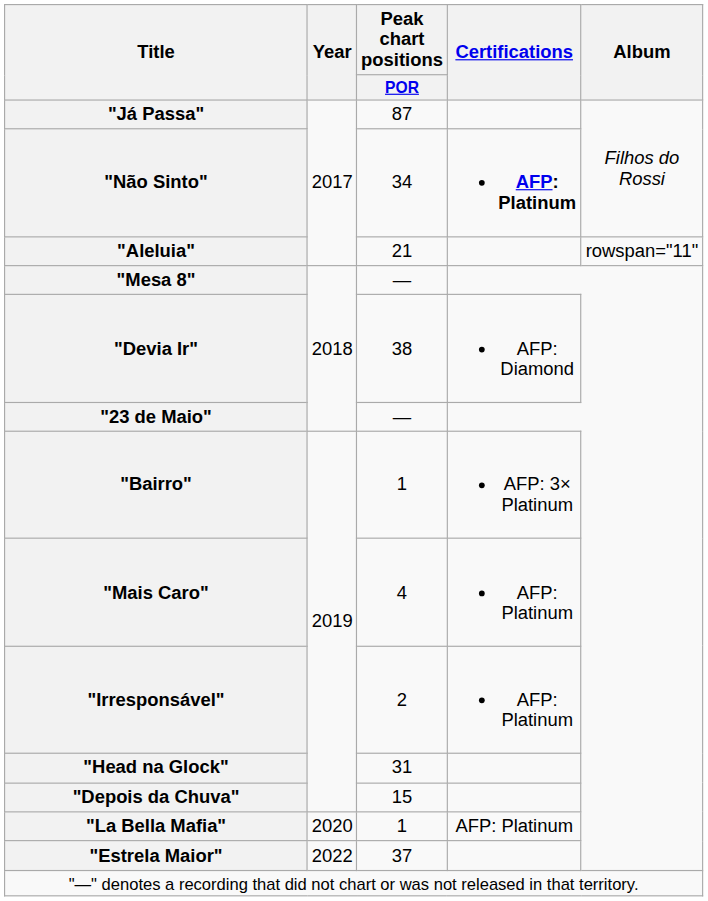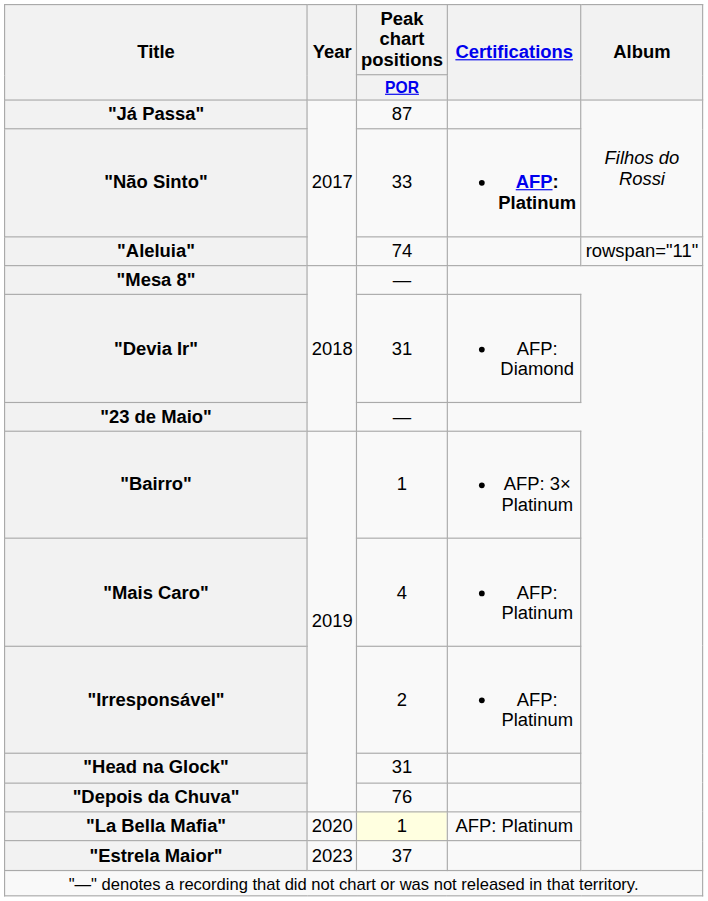 <table class="wikitable plainrowheaders" style="text-align:center;" border="1">
 <tr>
 <th scope="col" rowspan="2" style="width:16em;">Title</th>
 <th scope="col" rowspan="2">Year</th>
 <th scope="col">Peak chart positions</th>
 <th scope="col" rowspan="2"><a href='#'>Certifications</a></th>
 <th scope="col" rowspan="2">Album</th>
 </tr>
 <tr>
 <th scope="col" style="width:3em;font-size:85%;"><a href='#'>POR</a><br></th>
 </tr>
 <tr>
 <th scope="row">"Já Passa"</th>
 <td rowspan="3">2017</td>
 <td>87</td>
 <td></td>
 <td rowspan="2"><em>Filhos do Rossi</em></td>
 </tr>
 <tr>
 <th scope="row">"Não Sinto"</th>
-<td>34</td>
+<td>33</td>
 <td><strong><br><ul><li><a href='#'>AFP</a>: Platinum</li></ul></strong></td>
 </tr>
 <tr>
 <th scope="row">"Aleluia"</th>
-<td>21</td>
+<td>74</td>
 <td></td>
 <td>rowspan="11" </td>
 </tr>
 <tr>
 <th scope="row">"Mesa 8"</th>
 <td rowspan="3">2018</td>
 <td>—</td>
 </tr>
 <tr>
 <th scope="row">"Devia Ir"</th>
-<td>38</td>
+<td>31</td>
 <td><br><ul><li>AFP: Diamond</li></ul></td>
 </tr>
 <tr>
 <th scope="row">"23 de Maio"</th>
 <td>—</td>
 </tr>
 <tr>
 <th scope="row">"Bairro"</th>
 <td rowspan="5">2019</td>
 <td>1</td>
 <td><br><ul><li>AFP: 3× Platinum</li></ul></td>
 </tr>
 <tr>
 <th scope="row">"Mais Caro"</th>
 <td>4</td>
 <td><br><ul><li>AFP: Platinum</li></ul></td>
 </tr>
 <tr>
 <th scope="row">"Irresponsável"</th>
 <td>2</td>
 <td><br><ul><li>AFP: Platinum</li></ul></td>
 </tr>
 <tr>
 <th scope="row">"Head na Glock"</th>
 <td>31</td>
 <td></td>
 </tr>
 <tr>
 <th scope="row">"Depois da Chuva"</th>
-<td>15</td>
+<td>76</td>
 <td></td>
 </tr>
 <tr>
 <th scope="row">"La Bella Mafia"</th>
 <td>2020</td>
-<td>1</td>
+<td style="background: lightyellow;">1</td>
 <td>AFP: Platinum</td>
 </tr>
 <tr>
 <th scope="row">"Estrela Maior"</th>
-<td>2022</td>
+<td>2023</td>
 <td>37</td>
 <td></td>
 </tr>
 <tr>
 <td colspan="5" style="font-size:90%">"—" denotes a recording that did not chart or was not released in that territory.</td>
 </tr>
 </table>
